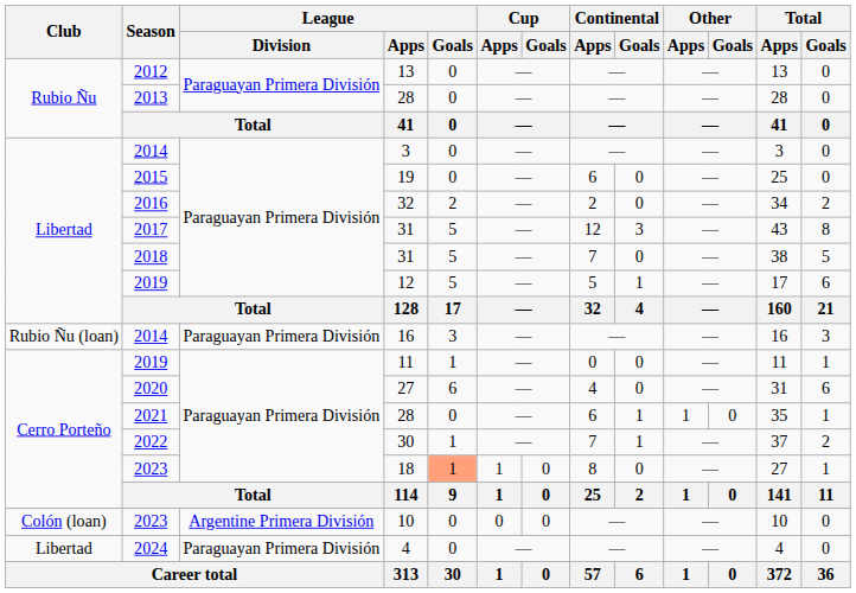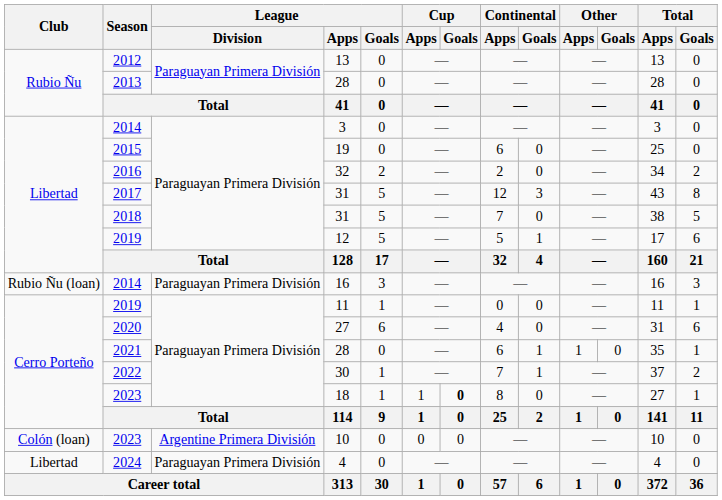 <table class="wikitable", style="text-align:center">
 <tr>
 <th rowspan="2">Club</th>
 <th rowspan="2">Season</th>
 <th colspan="3">League</th>
 <th colspan="2">Cup</th>
 <th colspan="2">Continental</th>
 <th colspan="2">Other</th>
 <th colspan="2">Total</th>
 </tr>
 <tr>
 <th>Division</th>
 <th>Apps</th>
 <th>Goals</th>
 <th>Apps</th>
 <th>Goals</th>
 <th>Apps</th>
 <th>Goals</th>
 <th>Apps</th>
 <th>Goals</th>
 <th>Apps</th>
 <th>Goals</th>
 </tr>
 <tr>
 <td rowspan="3"><a href='#'>Rubio Ñu</a></td>
 <td><a href='#'>2012</a></td>
 <td rowspan="2"><a href='#'>Paraguayan Primera División</a></td>
 <td>13</td>
 <td>0</td>
 <td colspan="2">—</td>
 <td colspan="2">—</td>
 <td colspan="2">—</td>
 <td>13</td>
 <td>0</td>
 </tr>
 <tr>
 <td><a href='#'>2013</a></td>
 <td>28</td>
 <td>0</td>
 <td colspan="2">—</td>
 <td colspan="2">—</td>
 <td colspan="2">—</td>
 <td>28</td>
 <td>0</td>
 </tr>
 <tr>
 <th colspan="2">Total</th>
 <th>41</th>
 <th>0</th>
 <th colspan="2">—</th>
 <th colspan="2">—</th>
 <th colspan="2">—</th>
 <th>41</th>
 <th>0</th>
 </tr>
 <tr>
 <td rowspan="7"><a href='#'>Libertad</a></td>
 <td><a href='#'>2014</a></td>
 <td rowspan="6">Paraguayan Primera División</td>
 <td>3</td>
 <td>0</td>
 <td colspan="2">—</td>
 <td colspan="2">—</td>
 <td colspan="2">—</td>
 <td>3</td>
 <td>0</td>
 </tr>
 <tr>
 <td><a href='#'>2015</a></td>
 <td>19</td>
 <td>0</td>
 <td colspan="2">—</td>
 <td>6</td>
 <td>0</td>
 <td colspan="2">—</td>
 <td>25</td>
 <td>0</td>
 </tr>
 <tr>
 <td><a href='#'>2016</a></td>
 <td>32</td>
 <td>2</td>
 <td colspan="2">—</td>
 <td>2</td>
 <td>0</td>
 <td colspan="2">—</td>
 <td>34</td>
 <td>2</td>
 </tr>
 <tr>
 <td><a href='#'>2017</a></td>
 <td>31</td>
 <td>5</td>
 <td colspan="2">—</td>
 <td>12</td>
 <td>3</td>
 <td colspan="2">—</td>
 <td>43</td>
 <td>8</td>
 </tr>
 <tr>
 <td><a href='#'>2018</a></td>
 <td>31</td>
 <td>5</td>
 <td colspan="2">—</td>
 <td>7</td>
 <td>0</td>
 <td colspan="2">—</td>
 <td>38</td>
 <td>5</td>
 </tr>
 <tr>
 <td><a href='#'>2019</a></td>
 <td>12</td>
 <td>5</td>
 <td colspan="2">—</td>
 <td>5</td>
 <td>1</td>
 <td colspan="2">—</td>
 <td>17</td>
 <td>6</td>
 </tr>
 <tr>
 <th colspan="2">Total</th>
 <th>128</th>
 <th>17</th>
 <th colspan="2">—</th>
 <th>32</th>
 <th>4</th>
 <th colspan="2">—</th>
 <th>160</th>
 <th>21</th>
 </tr>
 <tr>
 <td>Rubio Ñu (loan)</td>
 <td><a href='#'>2014</a></td>
 <td>Paraguayan Primera División</td>
 <td>16</td>
 <td>3</td>
 <td colspan="2">—</td>
 <td colspan="2">—</td>
 <td colspan="2">—</td>
 <td>16</td>
 <td>3</td>
 </tr>
 <tr>
 <td rowspan="6"><a href='#'>Cerro Porteño</a></td>
 <td><a href='#'>2019</a></td>
 <td rowspan="5">Paraguayan Primera División</td>
 <td>11</td>
 <td>1</td>
 <td colspan="2">—</td>
 <td>0</td>
 <td>0</td>
 <td colspan="2">—</td>
 <td>11</td>
 <td>1</td>
 </tr>
 <tr>
 <td><a href='#'>2020</a></td>
 <td>27</td>
 <td>6</td>
 <td colspan="2">—</td>
 <td>4</td>
 <td>0</td>
 <td colspan="2">—</td>
 <td>31</td>
 <td>6</td>
 </tr>
 <tr>
 <td><a href='#'>2021</a></td>
 <td>28</td>
 <td>0</td>
 <td colspan="2">—</td>
 <td>6</td>
 <td>1</td>
 <td>1</td>
 <td>0</td>
 <td>35</td>
 <td>1</td>
 </tr>
 <tr>
 <td><a href='#'>2022</a></td>
 <td>30</td>
 <td>1</td>
 <td colspan="2">—</td>
 <td>7</td>
 <td>1</td>
 <td colspan="2">—</td>
 <td>37</td>
 <td>2</td>
 </tr>
 <tr>
 <td><a href='#'>2023</a></td>
 <td>18</td>
-<td style="background: lightsalmon;">1</td>
 <td>1</td>
-<td>0</td>
+<td>1</td>
+<td><strong>0</strong></td>
 <td>8</td>
 <td>0</td>
 <td colspan="2">—</td>
 <td>27</td>
 <td>1</td>
 </tr>
 <tr>
 <th colspan="2">Total</th>
 <th>114</th>
 <th>9</th>
 <th>1</th>
 <th>0</th>
 <th>25</th>
 <th>2</th>
 <th>1</th>
 <th>0</th>
 <th>141</th>
 <th>11</th>
 </tr>
 <tr>
 <td><a href='#'>Colón</a> (loan)</td>
 <td><a href='#'>2023</a></td>
 <td><a href='#'>Argentine Primera División</a></td>
 <td>10</td>
 <td>0</td>
 <td>0</td>
 <td>0</td>
 <td colspan="2">—</td>
 <td colspan="2">—</td>
 <td>10</td>
 <td>0</td>
 </tr>
 <tr>
 <td>Libertad</td>
 <td><a href='#'>2024</a></td>
 <td>Paraguayan Primera División</td>
 <td>4</td>
 <td>0</td>
 <td colspan="2">—</td>
 <td colspan="2">—</td>
 <td colspan="2">—</td>
 <td>4</td>
 <td>0</td>
 </tr>
 <tr>
 <th colspan="3">Career total</th>
 <th>313</th>
 <th>30</th>
 <th>1</th>
 <th>0</th>
 <th>57</th>
 <th>6</th>
 <th>1</th>
 <th>0</th>
 <th>372</th>
 <th>36</th>
 </tr>
 </table>
